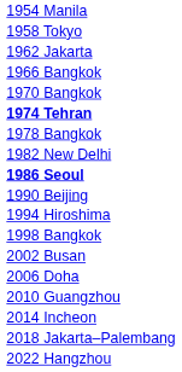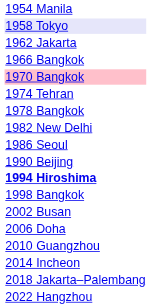 <table>
 <tr>
 <td><a href='#'>1954 Manila</a></td>
 <td></td>
 <td></td>
 <td></td>
 </tr>
 <tr>
-<td><a href='#'>1958 Tokyo</a></td>
+<td style="background: lavender;"><a href='#'>1958 Tokyo</a></td>
 <td></td>
 <td></td>
 <td></td>
 </tr>
 <tr>
 <td><a href='#'>1962 Jakarta</a></td>
 <td></td>
 <td></td>
 <td></td>
 </tr>
 <tr>
 <td><a href='#'>1966 Bangkok</a></td>
 <td></td>
 <td></td>
 <td></td>
 </tr>
 <tr>
-<td><a href='#'>1970 Bangkok</a></td>
+<td style="background: pink;"><a href='#'>1970 Bangkok</a></td>
 <td></td>
 <td></td>
 <td></td>
 </tr>
 <tr>
-<td><strong><a href='#'>1974 Tehran</a></strong></td>
+<td><a href='#'>1974 Tehran</a></td>
 <td></td>
 <td></td>
 <td></td>
 </tr>
 <tr>
 <td><a href='#'>1978 Bangkok</a></td>
 <td></td>
 <td></td>
 <td></td>
 </tr>
 <tr>
 <td><a href='#'>1982 New Delhi</a></td>
 <td></td>
 <td></td>
 <td></td>
 </tr>
 <tr>
-<td><strong><a href='#'>1986 Seoul</a></strong></td>
+<td><a href='#'>1986 Seoul</a></td>
 <td></td>
 <td></td>
 <td></td>
 </tr>
 <tr>
 <td><a href='#'>1990 Beijing</a></td>
 <td></td>
 <td></td>
 <td></td>
 </tr>
 <tr>
-<td><a href='#'>1994 Hiroshima</a></td>
+<td><strong><a href='#'>1994 Hiroshima</a></strong></td>
 <td></td>
 <td></td>
 <td></td>
 </tr>
 <tr>
 <td><a href='#'>1998 Bangkok</a></td>
 <td></td>
 <td></td>
 <td></td>
 </tr>
 <tr>
 <td><a href='#'>2002 Busan</a></td>
 <td></td>
 <td></td>
 <td></td>
 </tr>
 <tr>
 <td rowspan=2><a href='#'>2006 Doha</a></td>
 <td rowspan=2></td>
 <td rowspan=2></td>
 <td></td>
 </tr>
 <tr>
 <td></td>
 </tr>
 <tr>
 <td rowspan=2><a href='#'>2010 Guangzhou</a></td>
 <td rowspan=2></td>
 <td rowspan=2></td>
 <td></td>
 </tr>
 <tr>
 <td></td>
 </tr>
 <tr>
 <td rowspan=2><a href='#'>2014 Incheon</a></td>
 <td rowspan=2></td>
 <td rowspan=2></td>
 <td></td>
 </tr>
 <tr>
 <td></td>
 </tr>
 <tr>
 <td rowspan=2><a href='#'>2018 Jakarta–Palembang</a></td>
 <td rowspan=2></td>
 <td rowspan=2></td>
 <td></td>
 </tr>
 <tr>
 <td></td>
 </tr>
 <tr>
 <td rowspan=2><a href='#'>2022 Hangzhou</a></td>
 <td rowspan=2></td>
 <td rowspan=2></td>
 <td></td>
 </tr>
 <tr>
 <td></td>
 </tr>
 </table>
